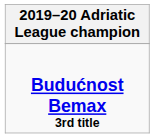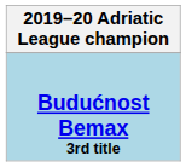 <table class="wikitable" style="margin: 0 auto; width: 30%;">
 <tr>
 <th><big>2019–20 Adriatic League champion</big><br></th>
 </tr>
 <tr>
 </tr>
 <tr>
-<td align=center><br><br><big><big><strong><a href='#'>Budućnost Bemax</a></strong> <br></big></big><strong>3rd title</strong></td>
+<td align=center style="background: lightblue;"><br><br><big><big><strong><a href='#'>Budućnost Bemax</a></strong> <br></big></big><strong>3rd title</strong></td>
 </tr>
 </table>
